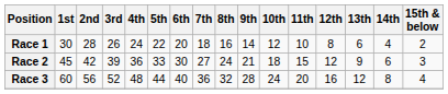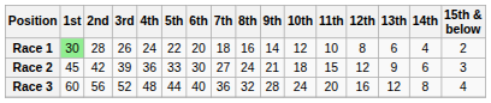 <table class="wikitable" style="font-size:85%; text-align:center">
 <tr style="background:#f9f9f9">
 <th valign="middle">Position</th>
 <th>1st</th>
 <th>2nd</th>
 <th>3rd</th>
 <th>4th</th>
 <th>5th</th>
 <th>6th</th>
 <th>7th</th>
 <th>8th</th>
 <th>9th</th>
 <th>10th</th>
 <th>11th</th>
 <th>12th</th>
 <th>13th</th>
 <th>14th</th>
 <th>15th &<br>below</th>
 </tr>
 <tr>
 <th valign="middle">Race 1</th>
-<td>30</td>
+<td style="background: lightgreen;">30</td>
 <td>28</td>
 <td>26</td>
 <td>24</td>
 <td>22</td>
 <td>20</td>
 <td>18</td>
 <td>16</td>
 <td>14</td>
 <td>12</td>
 <td>10</td>
 <td>8</td>
 <td>6</td>
 <td>4</td>
 <td>2</td>
 </tr>
 <tr>
 <th valign="middle">Race 2</th>
 <td>45</td>
 <td>42</td>
 <td>39</td>
 <td>36</td>
 <td>33</td>
 <td>30</td>
 <td>27</td>
 <td>24</td>
 <td>21</td>
 <td>18</td>
 <td>15</td>
 <td>12</td>
 <td>9</td>
 <td>6</td>
 <td>3</td>
 </tr>
 <tr>
 <th valign="middle">Race 3</th>
 <td>60</td>
 <td>56</td>
 <td>52</td>
 <td>48</td>
 <td>44</td>
 <td>40</td>
 <td>36</td>
 <td>32</td>
 <td>28</td>
 <td>24</td>
 <td>20</td>
 <td>16</td>
 <td>12</td>
 <td>8</td>
 <td>4</td>
 </tr>
 <tr>
 </tr>
 </table>
